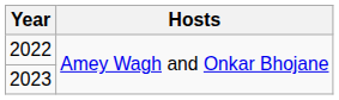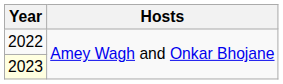 <table class="wikitable">
 <tr>
 <th>Year</th>
 <th>Hosts</th>
 </tr>
 <tr>
 <td>2022</td>
 <td rowspan="2"><a href='#'>Amey Wagh</a> and <a href='#'>Onkar Bhojane</a></td>
 </tr>
 <tr>
-<td>2023</td>
+<td style="background: lightyellow;">2023</td>
 </tr>
 </table>
